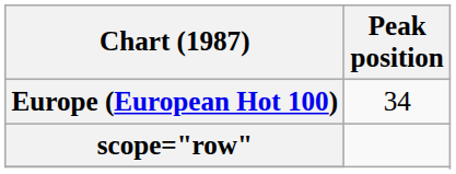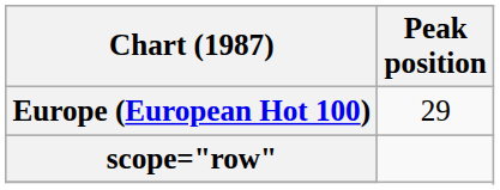 <table class="wikitable sortable plainrowheaders">
 <tr>
 <th>Chart (1987)</th>
 <th>Peak<br>position</th>
 </tr>
 <tr>
 <th scope="row">Europe (<a href='#'>European Hot 100</a>)</th>
-<td align="center">34</td>
+<td align="center">29</td>
 </tr>
 <tr>
 <th>scope="row"</th>
 </tr>
 <tr>
 </tr>
 </table>
